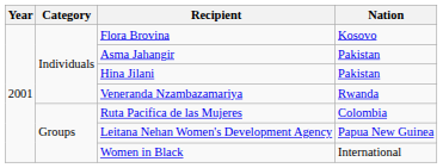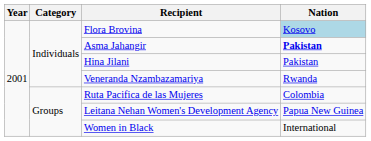 <table class="wikitable">
 <tr>
 <th>Year</th>
 <th>Category</th>
 <th>Recipient</th>
 <th>Nation</th>
 </tr>
 <tr>
 <td rowspan=7>2001</td>
 <td rowspan=4>Individuals</td>
 <td><a href='#'>Flora Brovina</a></td>
-<td><a href='#'>Kosovo</a></td>
+<td style="background: lightblue;"><a href='#'>Kosovo</a></td>
 </tr>
 <tr>
 <td><a href='#'>Asma Jahangir</a></td>
-<td><a href='#'>Pakistan</a></td>
+<td><strong><a href='#'>Pakistan</a></strong></td>
 </tr>
 <tr>
 <td><a href='#'>Hina Jilani</a></td>
 <td><a href='#'>Pakistan</a></td>
 </tr>
 <tr>
 <td><a href='#'>Veneranda Nzambazamariya</a></td>
 <td><a href='#'>Rwanda</a></td>
 </tr>
 <tr>
 <td rowspan=3>Groups</td>
 <td><a href='#'>Ruta Pacifica de las Mujeres</a></td>
 <td><a href='#'>Colombia</a></td>
 </tr>
 <tr>
 <td><a href='#'>Leitana Nehan Women's Development Agency</a></td>
 <td><a href='#'>Papua New Guinea</a></td>
 </tr>
 <tr>
 <td><a href='#'>Women in Black</a></td>
 <td>International</td>
 </tr>
 </table>
